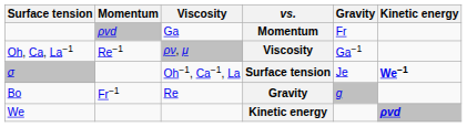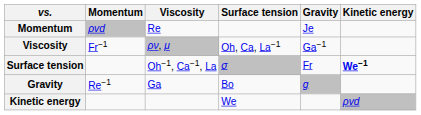 <table class="wikitable floatright">
 <tr>
-<th>Surface tension</th>
+<th><em>vs.</em></th>
 <th>Momentum</th>
 <th>Viscosity</th>
-<th><em>vs.</em></th>
+<th>Surface tension</th>
 <th>Gravity</th>
 <th>Kinetic energy</th>
 </tr>
 <tr>
+<th>Momentum</th>
+<td style="background:silver;"><a href='#'><em>ρ</em></a><a href='#'><em>v</em></a><a href='#'><em>d</em></a></td>
+<td><a href='#'>Re</a></td>
 <td></td>
-<td style="background:silver;"><a href='#'><em>ρ</em></a><a href='#'><em>v</em></a><a href='#'><em>d</em></a></td>
-<td><a href='#'>Ga</a></td>
-<th>Momentum</th>
-<td><a href='#'>Fr</a></td>
+<td><a href='#'>Je</a></td>
 <td></td>
 </tr>
 <tr>
+<th>Viscosity</th>
+<td><a href='#'>Fr</a><sup>−1</sup></td>
+<td style="background:silver;"><a href='#'><em>ρ</em></a><a href='#'><em>ν</em></a>, <a href='#'><em>μ</em></a></td>
 <td><a href='#'>Oh</a>, <a href='#'>Ca</a>, <a href='#'>La</a><sup>−1</sup></td>
-<td><a href='#'>Re</a><sup>−1</sup></td>
-<td style="background:silver;"><a href='#'><em>ρ</em></a><a href='#'><em>ν</em></a>, <a href='#'><em>μ</em></a></td>
-<th>Viscosity</th>
 <td><a href='#'>Ga</a><sup>−1</sup></td>
 <td></td>
 </tr>
 <tr>
-<td style="background:silver;"><a href='#'><em>σ</em></a></td>
+<th>Surface tension</th>
 <td></td>
 <td><a href='#'>Oh</a><sup>−1</sup>, <a href='#'>Ca</a><sup>−1</sup>, <a href='#'>La</a></td>
-<th>Surface tension</th>
-<td><a href='#'>Je</a></td>
+<td style="background:silver;"><a href='#'><em>σ</em></a></td>
+<td><a href='#'>Fr</a></td>
 <td><strong><a href='#'>We</a><sup>−1</sup></strong></td>
 </tr>
 <tr>
+<th>Gravity</th>
+<td><a href='#'>Re</a><sup>−1</sup></td>
+<td><a href='#'>Ga</a></td>
 <td><a href='#'>Bo</a></td>
-<td><a href='#'>Fr</a><sup>−1</sup></td>
-<td><a href='#'>Re</a></td>
-<th>Gravity</th>
 <td style="background:silver;"><a href='#'><em>g</em></a></td>
 <td></td>
 </tr>
 <tr>
+<th>Kinetic energy</th>
+<td></td>
+<td></td>
 <td><a href='#'>We</a></td>
 <td></td>
-<td></td>
-<th>Kinetic energy</th>
-<td></td>
-<td style="background:silver;"><strong><a href='#'><em>ρ</em></a><a href='#'><em>v</em></a><a href='#'><em>d</em></a></strong></td>
+<td style="background:silver;"><a href='#'><em>ρ</em></a><a href='#'><em>v</em></a><a href='#'><em>d</em></a></td>
 </tr>
 </table>
